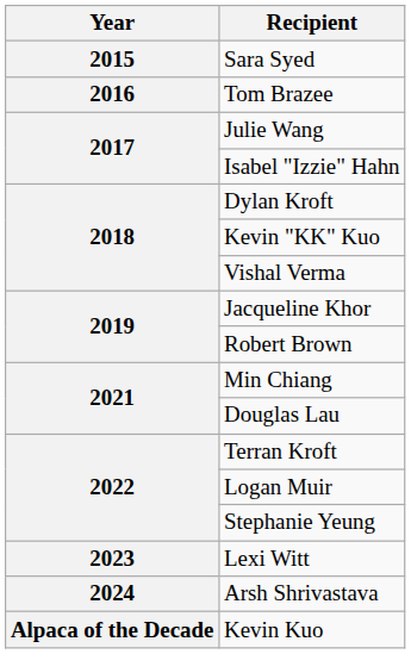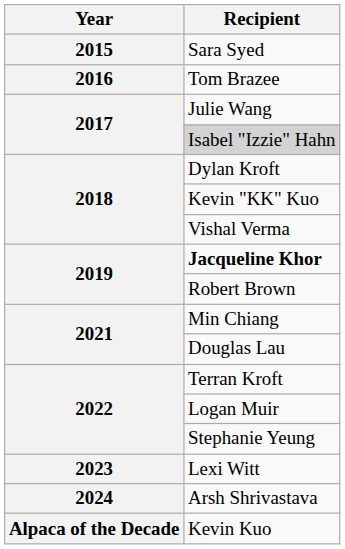 <table class="wikitable mw-collapsible">
 <tr>
 <th><strong>Year</strong></th>
 <th><strong>Recipient</strong></th>
 </tr>
 <tr>
 <th>2015</th>
 <td>Sara Syed</td>
 </tr>
 <tr>
 <th>2016</th>
 <td>Tom Brazee</td>
 </tr>
 <tr>
 <th rowspan="2">2017</th>
 <td>Julie Wang</td>
 </tr>
 <tr>
-<td>Isabel "Izzie" Hahn</td>
+<td style="background: lightgrey;">Isabel "Izzie" Hahn</td>
 </tr>
 <tr>
 <th rowspan="3">2018</th>
 <td>Dylan Kroft</td>
 </tr>
 <tr>
 <td>Kevin "KK" Kuo</td>
 </tr>
 <tr>
 <td>Vishal Verma</td>
 </tr>
 <tr>
 <th rowspan="2">2019</th>
-<td>Jacqueline Khor</td>
+<td><strong>Jacqueline Khor</strong></td>
 </tr>
 <tr>
 <td>Robert Brown</td>
 </tr>
 <tr>
 <th rowspan="2">2021</th>
 <td>Min Chiang</td>
 </tr>
 <tr>
 <td>Douglas Lau</td>
 </tr>
 <tr>
 <th rowspan="3">2022</th>
 <td>Terran Kroft</td>
 </tr>
 <tr>
 <td>Logan Muir</td>
 </tr>
 <tr>
 <td>Stephanie Yeung</td>
 </tr>
 <tr>
 <th rowspan=“1”>2023</th>
 <td>Lexi Witt</td>
 </tr>
 <tr>
 <th>2024</th>
 <td>Arsh Shrivastava</td>
 </tr>
 <tr>
 <th rowspan="1">Alpaca of the Decade</th>
 <td>Kevin Kuo</td>
 </tr>
 </table>
